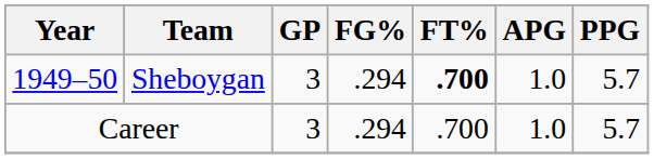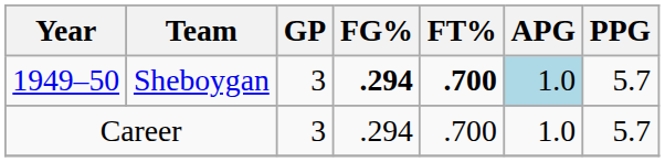 <table class="wikitable sortable" style="font-size:95%; text-align:right;">
 <tr>
 <th>Year</th>
 <th>Team</th>
 <th>GP</th>
 <th>FG%</th>
 <th>FT%</th>
 <th>APG</th>
 <th>PPG</th>
 </tr>
 <tr>
 <td style="text-align:left;"><a href='#'>1949–50</a></td>
 <td style="text-align:left;"><a href='#'>Sheboygan</a></td>
 <td>3</td>
-<td>.294</td>
+<td><strong>.294</strong></td>
 <td><strong>.700</strong></td>
-<td>1.0</td>
+<td style="background: lightblue;">1.0</td>
 <td>5.7</td>
 </tr>
 <tr>
 <td style="text-align:center;" colspan="2">Career</td>
 <td>3</td>
 <td>.294</td>
 <td>.700</td>
 <td>1.0</td>
 <td>5.7</td>
 </tr>
 <tr>
 </tr>
 </table>
